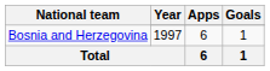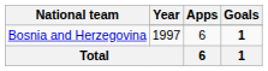 <table class=wikitable style=text-align:center>
 <tr>
 <th>National team</th>
 <th>Year</th>
 <th>Apps</th>
 <th>Goals</th>
 </tr>
 <tr>
 <td rowspan="2"><a href='#'>Bosnia and Herzegovina</a></td>
 </tr>
 <tr>
 <td>1997</td>
 <td>6</td>
-<td>1</td>
+<td><strong>1</strong></td>
 </tr>
 <tr>
 <th colspan="2">Total</th>
 <th>6</th>
 <th>1</th>
 </tr>
 </table>
